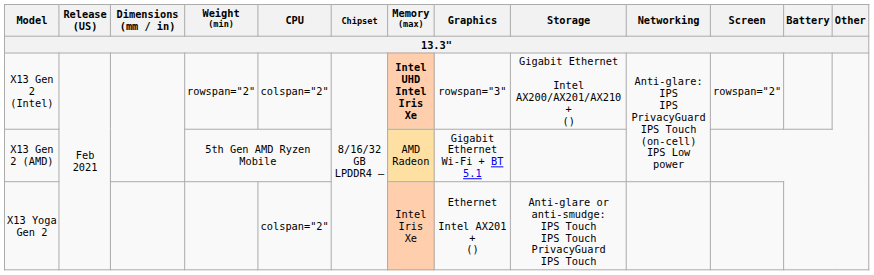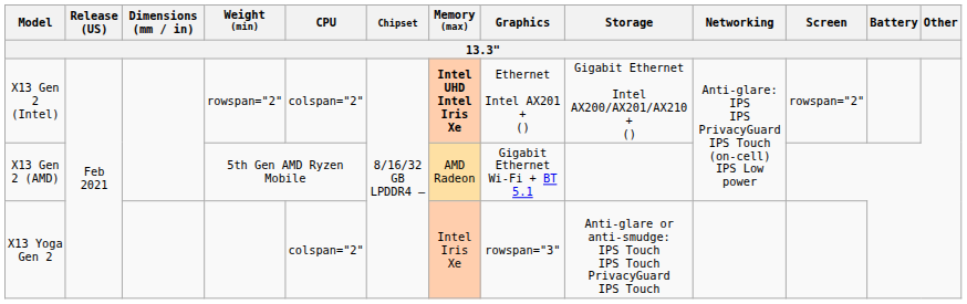 <table class="wikitable" style="font-size: 80%; text-align: center; min-width: 80%;">
 <tr>
 <th>Model</th>
 <th>Release (US)</th>
 <th>Dimensions (mm / in)</th>
 <th>Weight <sup>(min)</sup></th>
 <th>CPU</th>
 <th><small>Chipset</small></th>
 <th>Memory <sup>(max)</sup></th>
 <th>Graphics</th>
 <th>Storage</th>
 <th>Networking</th>
 <th>Screen</th>
 <th>Battery</th>
 <th>Other</th>
 </tr>
 <tr>
 <th colspan="13">13.3"</th>
 </tr>
 <tr>
 <td>X13 Gen 2 (Intel) </td>
 <td rowspan="3">Feb 2021</td>
 <td rowspan="2"></td>
 <td>rowspan="2" </td>
 <td>colspan="2" </td>
 <td rowspan="3" style="background:">8/16/32 GB LPDDR4 — <br></td>
 <td style="background:#ffcead;"><strong>Intel UHD<br>Intel Iris Xe</strong></td>
-<td>rowspan="3" </td>
+<td> Ethernet<br><br>Intel  AX201 <br>+ <br> ()<br><small></small></td>
 <td> Gigabit Ethernet<br><br>Intel  AX200/AX201/AX210 <br>+ <br> ()<br><small></small></td>
 <td rowspan="2" style="background:"><br>Anti-glare: <br>  IPS<br> IPS PrivacyGuard<br> IPS Touch (on-cell)<br> IPS Low power</td>
 <td>rowspan="2" </td>
 <td></td>
 </tr>
 <tr>
 <td>X13 Gen 2 (AMD) </td>
 <td colspan="2" style="background:">5th Gen AMD Ryzen Mobile</td>
 <td style="background:#fee0a3;">AMD Radeon</td>
 <td> Gigabit Ethernet<br>Wi-Fi + <a href='#'>BT 5.1</a><br><small></small></td>
 <td></td>
 </tr>
 <tr>
 <td>X13 Yoga Gen 2 </td>
 <td></td>
 <td></td>
 <td>colspan="2" </td>
 <td style="background:#ffcead;">Intel Iris Xe</td>
-<td> Ethernet<br><br>Intel  AX201 <br>+ <br> ()<br><small></small></td>
+<td>rowspan="3" </td>
 <td style="background:"><br>Anti-glare or anti-smudge: <br>  IPS Touch<br> IPS Touch PrivacyGuard<br> IPS Touch</td>
 <td></td>
 <td></td>
 </tr>
 </table>
